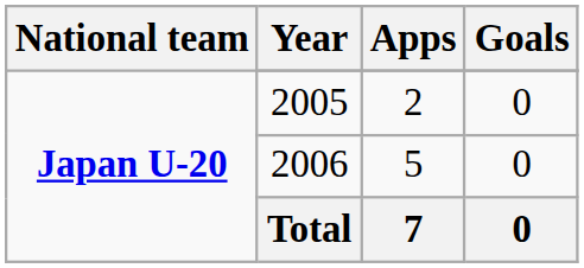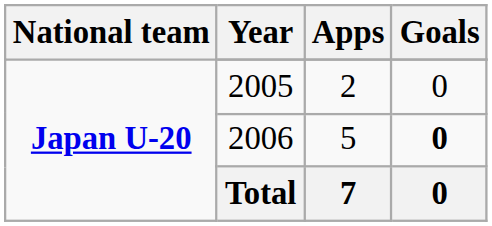 <table class="wikitable" style="font-size:90%; text-align: center">
 <tr>
 <th>National team</th>
 <th>Year</th>
 <th>Apps</th>
 <th>Goals</th>
 </tr>
 <tr>
 <td rowspan="4"><strong><a href='#'>Japan U-20</a></strong></td>
 </tr>
 <tr>
 <td>2005</td>
 <td>2</td>
 <td>0</td>
 </tr>
 <tr>
 <td>2006</td>
 <td>5</td>
-<td>0</td>
+<td><strong>0</strong></td>
 </tr>
 <tr>
 <th>Total</th>
 <th>7</th>
 <th>0</th>
 </tr>
 </table>
